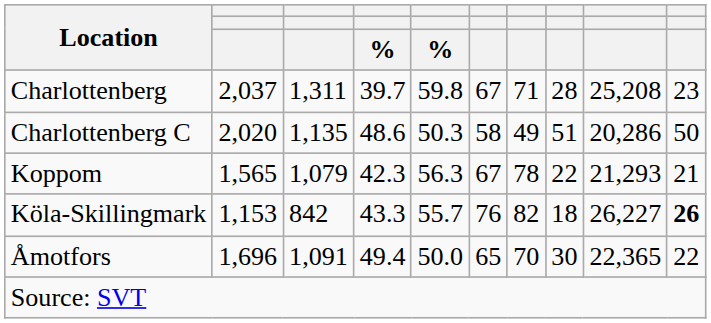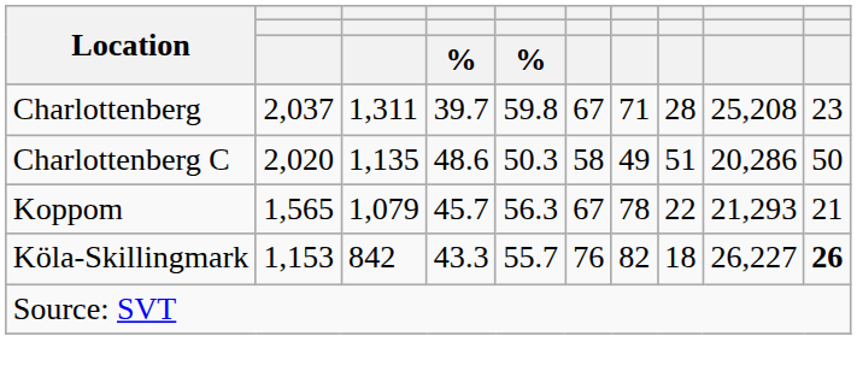 <table role="presentation" class="wikitable sortable mw-collapsible">
 <tr>
 <th rowspan="3">Location</th>
 <th></th>
 <th></th>
 <th></th>
 <th></th>
 <th></th>
 <th></th>
 <th></th>
 <th></th>
 <th></th>
 </tr>
 <tr>
 <th></th>
 <th></th>
 <th style="background:"></th>
 <th style="background:"></th>
 <th></th>
 <th></th>
 <th></th>
 <th></th>
 <th></th>
 </tr>
 <tr>
 <th data-sort-type="number"></th>
 <th data-sort-type="number"></th>
 <th data-sort-type="number">%</th>
 <th data-sort-type="number">%</th>
 <th data-sort-type="number"></th>
 <th data-sort-type="number"></th>
 <th data-sort-type="number"></th>
 <th data-sort-type="number"></th>
 <th data-sort-type="number"></th>
 </tr>
 <tr>
 <td align="left">Charlottenberg</td>
 <td>2,037</td>
 <td>1,311</td>
 <td>39.7</td>
 <td>59.8</td>
 <td>67</td>
 <td>71</td>
 <td>28</td>
 <td>25,208</td>
 <td>23</td>
 </tr>
 <tr>
 <td align="left">Charlottenberg C</td>
 <td>2,020</td>
 <td>1,135</td>
 <td>48.6</td>
 <td>50.3</td>
 <td>58</td>
 <td>49</td>
 <td>51</td>
 <td>20,286</td>
 <td>50</td>
 </tr>
 <tr>
 <td align="left">Koppom</td>
 <td>1,565</td>
 <td>1,079</td>
-<td>42.3</td>
+<td>45.7</td>
 <td>56.3</td>
 <td>67</td>
 <td>78</td>
 <td>22</td>
 <td>21,293</td>
 <td>21</td>
 </tr>
 <tr>
 <td align="left">Köla-Skillingmark</td>
 <td>1,153</td>
 <td>842</td>
 <td>43.3</td>
 <td>55.7</td>
 <td>76</td>
 <td>82</td>
 <td>18</td>
 <td>26,227</td>
 <td><strong>26</strong></td>
 </tr>
 <tr>
-<td align="left">Åmotfors</td>
-<td>1,696</td>
-<td>1,091</td>
-<td>49.4</td>
-<td>50.0</td>
-<td>65</td>
-<td>70</td>
-<td>30</td>
-<td>22,365</td>
-<td>22</td>
-</tr>
-<tr>
 <td colspan="10" align="left">Source: <a href='#'>SVT</a></td>
 </tr>
 </table>
